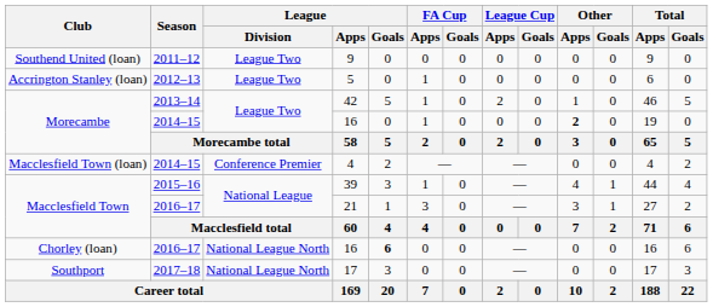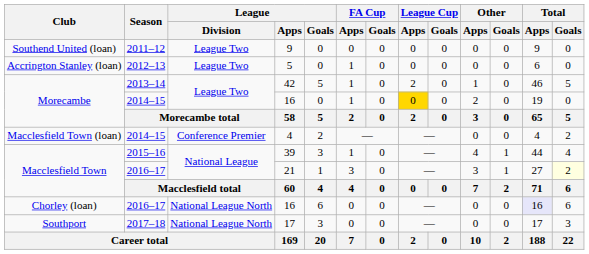 <table class="wikitable" style="text-align:center">
 <tr>
 <th rowspan="2">Club</th>
 <th rowspan="2">Season</th>
 <th colspan="3">League</th>
 <th colspan="2"><a href='#'>FA Cup</a></th>
 <th colspan="2"><a href='#'>League Cup</a></th>
 <th colspan="2">Other</th>
 <th colspan="2">Total</th>
 </tr>
 <tr>
 <th>Division</th>
 <th>Apps</th>
 <th>Goals</th>
 <th>Apps</th>
 <th>Goals</th>
 <th>Apps</th>
 <th>Goals</th>
 <th>Apps</th>
 <th>Goals</th>
 <th>Apps</th>
 <th>Goals</th>
 </tr>
 <tr>
 <td><a href='#'>Southend United</a> (loan)</td>
 <td><a href='#'>2011–12</a></td>
 <td><a href='#'>League Two</a></td>
 <td>9</td>
 <td>0</td>
 <td>0</td>
 <td>0</td>
 <td>0</td>
 <td>0</td>
 <td>0</td>
 <td>0</td>
 <td>9</td>
 <td>0</td>
 </tr>
 <tr>
 <td><a href='#'>Accrington Stanley</a> (loan)</td>
 <td><a href='#'>2012–13</a></td>
 <td><a href='#'>League Two</a></td>
 <td>5</td>
 <td>0</td>
 <td>1</td>
 <td>0</td>
 <td>0</td>
 <td>0</td>
 <td>0</td>
 <td>0</td>
 <td>6</td>
 <td>0</td>
 </tr>
 <tr>
 <td rowspan="3"><a href='#'>Morecambe</a></td>
 <td><a href='#'>2013–14</a></td>
 <td rowspan="2"><a href='#'>League Two</a></td>
 <td>42</td>
 <td>5</td>
 <td>1</td>
 <td>0</td>
 <td>2</td>
 <td>0</td>
 <td>1</td>
 <td>0</td>
 <td>46</td>
 <td>5</td>
 </tr>
 <tr>
 <td><a href='#'>2014–15</a></td>
 <td>16</td>
 <td>0</td>
 <td>1</td>
 <td>0</td>
+<td style="background: gold;">0</td>
 <td>0</td>
-<td>0</td>
-<td><strong>2</strong></td>
+<td>2</td>
 <td>0</td>
 <td>19</td>
 <td>0</td>
 </tr>
 <tr>
 <th colspan="2">Morecambe total</th>
 <th>58</th>
 <th>5</th>
 <th>2</th>
 <th>0</th>
 <th>2</th>
 <th>0</th>
 <th>3</th>
 <th>0</th>
 <th>65</th>
 <th>5</th>
 </tr>
 <tr>
 <td><a href='#'>Macclesfield Town</a> (loan)</td>
 <td><a href='#'>2014–15</a></td>
 <td><a href='#'>Conference Premier</a></td>
 <td>4</td>
 <td>2</td>
 <td colspan="2">—</td>
 <td colspan="2">—</td>
 <td>0</td>
 <td>0</td>
 <td>4</td>
 <td>2</td>
 </tr>
 <tr>
 <td rowspan="3"><a href='#'>Macclesfield Town</a></td>
 <td><a href='#'>2015–16</a></td>
 <td rowspan="2"><a href='#'>National League</a></td>
 <td>39</td>
 <td>3</td>
 <td>1</td>
 <td>0</td>
 <td colspan="2">—</td>
 <td>4</td>
 <td>1</td>
 <td>44</td>
 <td>4</td>
 </tr>
 <tr>
 <td><a href='#'>2016–17</a></td>
 <td>21</td>
 <td>1</td>
 <td>3</td>
 <td>0</td>
 <td colspan="2">—</td>
 <td>3</td>
 <td>1</td>
 <td>27</td>
-<td>2</td>
+<td style="background: lightyellow;">2</td>
 </tr>
 <tr>
 <th colspan="2">Macclesfield total</th>
 <th>60</th>
 <th>4</th>
 <th>4</th>
 <th>0</th>
 <th>0</th>
 <th>0</th>
 <th>7</th>
 <th>2</th>
 <th>71</th>
 <th>6</th>
 </tr>
 <tr>
 <td><a href='#'>Chorley</a> (loan)</td>
 <td><a href='#'>2016–17</a></td>
 <td><a href='#'>National League North</a></td>
 <td>16</td>
-<td><strong>6</strong></td>
+<td>6</td>
 <td>0</td>
 <td>0</td>
 <td colspan="2">—</td>
 <td>0</td>
 <td>0</td>
-<td>16</td>
+<td style="background: lavender;">16</td>
 <td>6</td>
 </tr>
 <tr>
 <td><a href='#'>Southport</a></td>
 <td><a href='#'>2017–18</a></td>
 <td><a href='#'>National League North</a></td>
 <td>17</td>
 <td>3</td>
 <td>0</td>
 <td>0</td>
 <td colspan="2">—</td>
 <td>0</td>
 <td>0</td>
 <td>17</td>
 <td>3</td>
 </tr>
 <tr>
 <th colspan="3">Career total</th>
 <th>169</th>
 <th>20</th>
 <th>7</th>
 <th>0</th>
 <th>2</th>
 <th>0</th>
 <th>10</th>
 <th>2</th>
 <th>188</th>
 <th>22</th>
 </tr>
 </table>
